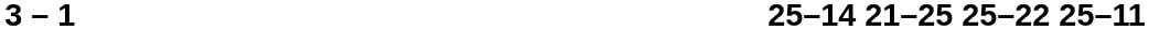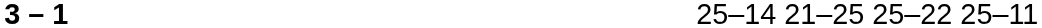 <table width=100% cellspacing=1>
 <tr>
 <th width=20%></th>
 <th width=12%></th>
 <th width=20%></th>
 <th width=33%></th>
 <td></td>
 </tr>
 <tr style=font-size:90%>
 <td align=right><strong></strong></td>
 <td align=center><strong>3 – 1</strong></td>
 <td></td>
-<td><strong>25–14 21–25 25–22 25–11</strong></td>
+<td>25–14 21–25 25–22 25–11</td>
 </tr>
 </table>
